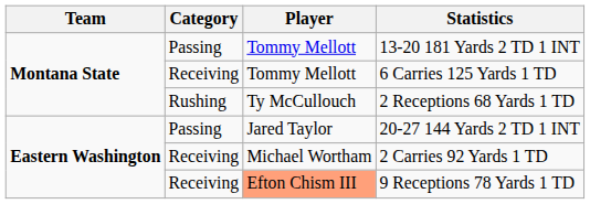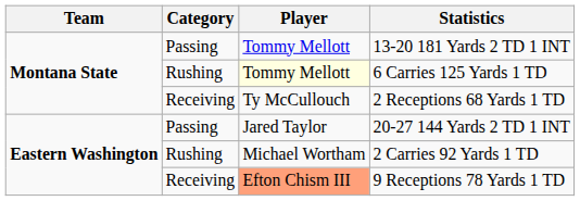 <table class="wikitable" style="float: right;">
 <tr>
 <th>Team</th>
 <th>Category</th>
 <th>Player</th>
 <th>Statistics</th>
 </tr>
 <tr>
 <td rowspan=3><strong>Montana State</strong></td>
 <td>Passing</td>
 <td><a href='#'>Tommy Mellott</a></td>
 <td>13-20 181 Yards 2 TD 1 INT</td>
 </tr>
 <tr>
-<td>Receiving</td>
-<td>Tommy Mellott</td>
+<td>Rushing</td>
+<td style="background: lightyellow;">Tommy Mellott</td>
 <td>6 Carries 125 Yards 1 TD</td>
 </tr>
 <tr>
-<td>Rushing</td>
+<td>Receiving</td>
 <td>Ty McCullouch</td>
 <td>2 Receptions 68 Yards 1 TD</td>
 </tr>
 <tr>
 <td rowspan=3><strong>Eastern Washington</strong></td>
 <td>Passing</td>
 <td>Jared Taylor</td>
 <td>20-27 144 Yards 2 TD 1 INT</td>
 </tr>
 <tr>
-<td>Receiving</td>
+<td>Rushing</td>
 <td>Michael Wortham</td>
 <td>2 Carries 92 Yards 1 TD</td>
 </tr>
 <tr>
 <td>Receiving</td>
 <td style="background: lightsalmon;">Efton Chism III</td>
 <td>9 Receptions 78 Yards 1 TD</td>
 </tr>
 </table>
